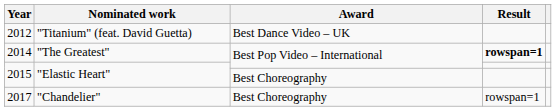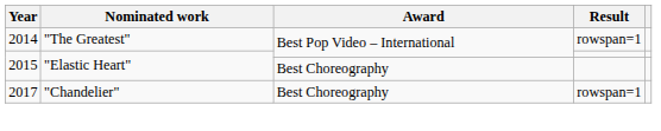 <table class= "wikitable">
 <tr>
 <th>Year</th>
 <th style="width:250px;">Nominated work</th>
 <th style="width:325px;">Award</th>
 <th width="65">Result</th>
 <th></th>
 </tr>
 <tr>
-<td style="text-align:center;">2012</td>
-<td>"Titanium" (feat. David Guetta)</td>
-<td>Best Dance Video – UK</td>
-<td></td>
-<td></td>
-</tr>
-<tr>
 <td style="text-align:center;">2014</td>
 <td>"The Greatest"</td>
 <td rowspan="2">Best Pop Video – International</td>
-<td><strong>rowspan=1 </strong></td>
+<td>rowspan=1 </td>
 <td style="text-align:center;"></td>
 </tr>
 <tr>
 <td rowspan="2">2015</td>
 <td rowspan="2">"Elastic Heart"</td>
 <td></td>
 <td></td>
 </tr>
 <tr>
 <td>Best Choreography</td>
 <td></td>
 <td></td>
 </tr>
 <tr>
 <td style="text-align:center;">2017</td>
 <td>"Chandelier"</td>
 <td rowspan="2">Best Choreography</td>
 <td>rowspan=1 </td>
 <td></td>
 </tr>
 </table>
